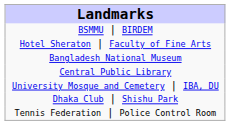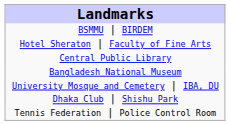 <table style="float:right; margin:0 0.5em 0.5em 1em; width:240px; background:#f9f9f9; border:1px #aaa solid; border-collapse:collapse; font-size:85%;">
 <tr>
 <th style="font-size:140%; background:#ccf;"><strong>Landmarks</strong></th>
 </tr>
 <tr>
 <td style="text-align: center;"><small><a href='#'>BSMMU</a></small> | <small><a href='#'>BIRDEM</a></small></td>
 </tr>
 <tr>
 <td style="text-align: center;"><small><a href='#'>Hotel Sheraton</a></small> | <small><a href='#'>Faculty of Fine Arts</a></small></td>
 </tr>
 <tr>
-<td style="text-align: center;"><small><a href='#'>Bangladesh National Museum</a></small></td>
+<td style="text-align: center;"><small><a href='#'>Central Public Library</a></small></td>
 </tr>
 <tr>
-<td style="text-align: center;"><small><a href='#'>Central Public Library</a></small></td>
+<td style="text-align: center;"><small><a href='#'>Bangladesh National Museum</a></small></td>
 </tr>
 <tr>
 <td style="text-align: center;"><small><a href='#'>University Mosque and Cemetery</a></small> | <small><a href='#'>IBA, DU</a></small></td>
 </tr>
 <tr>
 <td style="text-align: center;"><small><a href='#'>Dhaka Club</a></small> | <small><a href='#'>Shishu Park</a></small></td>
 </tr>
 <tr>
 <td style="text-align: center;"><small>Tennis Federation</small> | <small>Police Control Room</small></td>
 </tr>
 </table>
